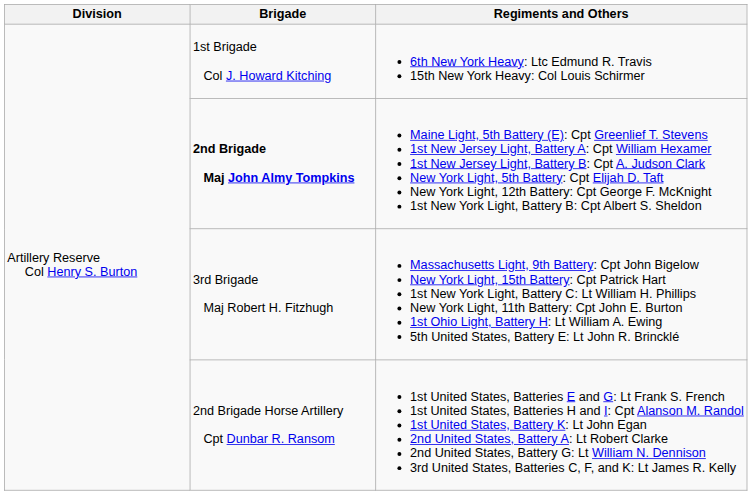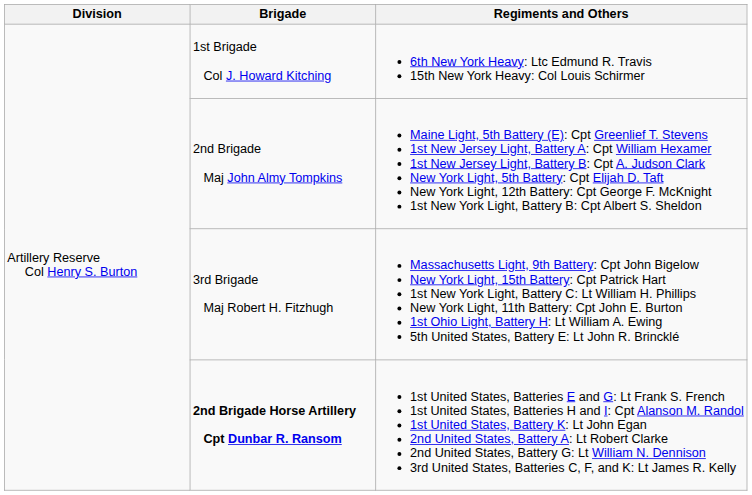 <table class="wikitable">
 <tr>
 <th width=25%>Division</th>
 <th width=25%>Brigade</th>
 <th>Regiments and Others</th>
 </tr>
 <tr>
 <td rowspan=4><br>Artillery Reserve <br>     Col <a href='#'>Henry S. Burton</a></td>
 <td>1st Brigade<br><br>   Col <a href='#'>J. Howard Kitching</a></td>
 <td><br><ul><li><a href='#'>6th New York Heavy</a>: Ltc Edmund R. Travis</li><li>15th New York Heavy: Col Louis Schirmer</li></ul></td>
 </tr>
 <tr>
-<td><strong>2nd Brigade<br><br>   Maj <a href='#'>John Almy Tompkins</a></strong></td>
+<td>2nd Brigade<br><br>   Maj <a href='#'>John Almy Tompkins</a></td>
 <td><br><ul><li><a href='#'>Maine Light, 5th Battery (E)</a>: Cpt <a href='#'>Greenlief T. Stevens</a></li><li><a href='#'>1st New Jersey Light, Battery A</a>: Cpt <a href='#'>William Hexamer</a></li><li><a href='#'>1st New Jersey Light, Battery B</a>: Cpt <a href='#'>A. Judson Clark</a></li><li><a href='#'>New York Light, 5th Battery</a>: Cpt <a href='#'>Elijah D. Taft</a></li><li>New York Light, 12th Battery: Cpt George F. McKnight</li><li>1st New York Light, Battery B: Cpt Albert S. Sheldon</li></ul></td>
 </tr>
 <tr>
 <td>3rd Brigade<br><br>   Maj Robert H. Fitzhugh</td>
 <td><br><ul><li><a href='#'>Massachusetts Light, 9th Battery</a>: Cpt John Bigelow</li><li><a href='#'>New York Light, 15th Battery</a>: Cpt Patrick Hart</li><li>1st New York Light, Battery C: Lt William H. Phillips</li><li>New York Light, 11th Battery: Cpt John E. Burton</li><li><a href='#'>1st Ohio Light, Battery H</a>: Lt William A. Ewing</li><li>5th United States, Battery E: Lt John R. Brincklé</li></ul></td>
 </tr>
 <tr>
-<td>2nd Brigade Horse Artillery<br><br>   Cpt <a href='#'>Dunbar R. Ransom</a></td>
+<td><strong>2nd Brigade Horse Artillery<br><br>   Cpt <a href='#'>Dunbar R. Ransom</a></strong></td>
 <td><br><ul><li>1st United States, Batteries <a href='#'>E</a> and <a href='#'>G</a>: Lt Frank S. French</li><li>1st United States, Batteries H and <a href='#'>I</a>: Cpt <a href='#'>Alanson M. Randol</a></li><li><a href='#'>1st United States, Battery K</a>: Lt John Egan</li><li><a href='#'>2nd United States, Battery A</a>: Lt Robert Clarke</li><li>2nd United States, Battery G: Lt <a href='#'>William N. Dennison</a></li><li>3rd United States, Batteries C, F, and K: Lt James R. Kelly</li></ul></td>
 </tr>
 </table>
